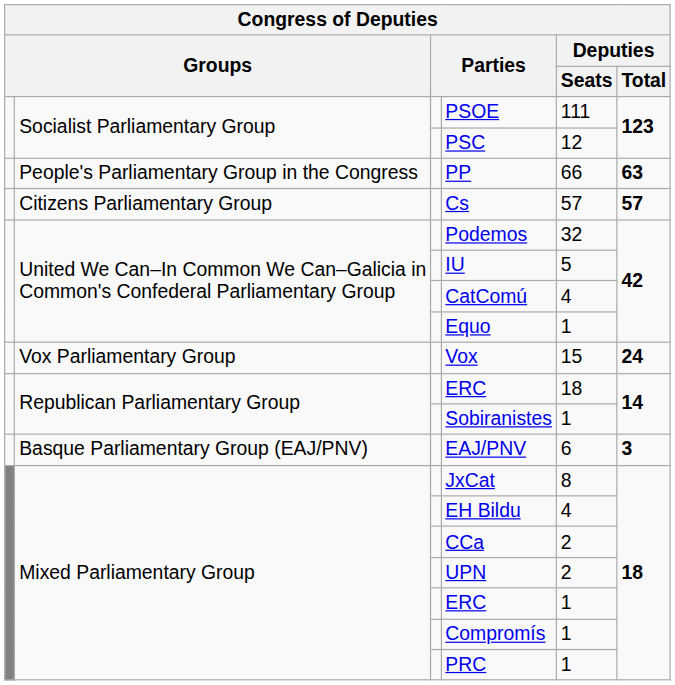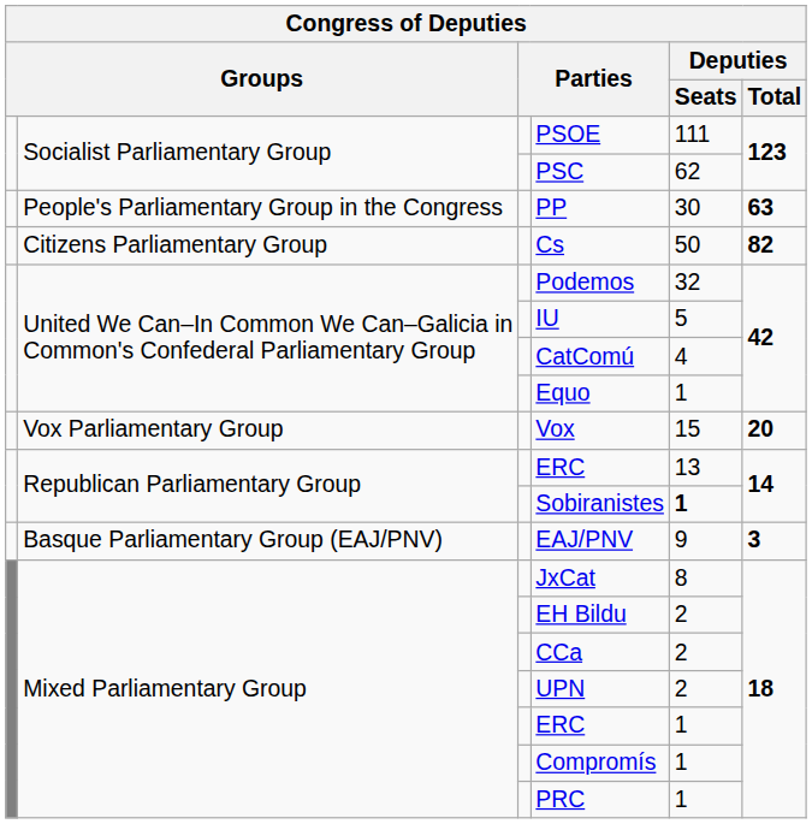 <table class="wikitable" style="text-align:left;">
 <tr>
 <th colspan="6">Congress of Deputies</th>
 </tr>
 <tr>
 <th rowspan="2" colspan="2">Groups</th>
 <th rowspan="2" colspan="2">Parties</th>
 <th colspan="2">Deputies</th>
 </tr>
 <tr>
 <th>Seats</th>
 <th>Total</th>
 </tr>
 <tr>
 <td width="1" rowspan="2"></td>
 <td rowspan="2">Socialist Parliamentary Group</td>
 <td width="1" style="color:inherit;background:"></td>
 <td><a href='#'>PSOE</a></td>
 <td>111</td>
 <td rowspan="2"><strong>123</strong></td>
 </tr>
 <tr>
 <td style="color:inherit;background:"></td>
 <td><a href='#'>PSC</a></td>
-<td>12</td>
+<td>62</td>
 </tr>
 <tr>
 <td style="color:inherit;background:"></td>
 <td>People's Parliamentary Group in the Congress</td>
 <td style="color:inherit;background:"></td>
 <td><a href='#'>PP</a></td>
-<td>66</td>
+<td>30</td>
 <td><strong>63</strong></td>
 </tr>
 <tr>
 <td style="color:inherit;background:"></td>
 <td>Citizens Parliamentary Group</td>
 <td style="color:inherit;background:"></td>
 <td><a href='#'>Cs</a></td>
-<td>57</td>
-<td><strong>57</strong></td>
+<td>50</td>
+<td><strong>82</strong></td>
 </tr>
 <tr>
 <td rowspan="4" style="color:inherit;background:"></td>
 <td rowspan="4">United We Can–In Common We Can–Galicia in<br>Common's Confederal Parliamentary Group</td>
 <td style="color:inherit;background:"></td>
 <td><a href='#'>Podemos</a></td>
 <td>32</td>
 <td rowspan="4"><strong>42</strong></td>
 </tr>
 <tr>
 <td style="color:inherit;background:"></td>
 <td><a href='#'>IU</a></td>
 <td>5</td>
 </tr>
 <tr>
 <td style="color:inherit;background:"></td>
 <td><a href='#'>CatComú</a></td>
 <td>4</td>
 </tr>
 <tr>
 <td style="color:inherit;background:"></td>
 <td><a href='#'>Equo</a></td>
 <td>1</td>
 </tr>
 <tr>
 <td style="color:inherit;background:"></td>
 <td>Vox Parliamentary Group</td>
 <td style="color:inherit;background:"></td>
 <td><a href='#'>Vox</a></td>
 <td>15</td>
-<td><strong>24</strong></td>
+<td><strong>20</strong></td>
 </tr>
 <tr>
 <td rowspan="2" style="color:inherit;background:"></td>
 <td rowspan="2">Republican Parliamentary Group</td>
 <td style="color:inherit;background:"></td>
 <td><a href='#'>ERC</a></td>
-<td>18</td>
+<td>13</td>
 <td rowspan="2"><strong>14</strong></td>
 </tr>
 <tr>
 <td style="color:inherit;background:"></td>
 <td><a href='#'>Sobiranistes</a></td>
-<td>1</td>
+<td><strong>1</strong></td>
 </tr>
 <tr>
 <td style="color:inherit;background:"></td>
 <td>Basque Parliamentary Group (EAJ/PNV)</td>
 <td style="color:inherit;background:"></td>
 <td><a href='#'>EAJ/PNV</a></td>
-<td>6</td>
+<td>9</td>
 <td><strong>3</strong></td>
 </tr>
 <tr>
 <td rowspan="7" bgcolor="gray"></td>
 <td rowspan="7">Mixed Parliamentary Group</td>
 <td style="color:inherit;background:"></td>
 <td><a href='#'>JxCat</a></td>
 <td>8</td>
 <td rowspan="7"><strong>18</strong></td>
 </tr>
 <tr>
 <td style="color:inherit;background:"></td>
 <td><a href='#'>EH Bildu</a></td>
-<td>4</td>
+<td>2</td>
 </tr>
 <tr>
 <td style="color:inherit;background:"></td>
 <td><a href='#'>CCa</a></td>
 <td>2</td>
 </tr>
 <tr>
 <td style="color:inherit;background:"></td>
 <td><a href='#'>UPN</a></td>
 <td>2</td>
 </tr>
 <tr>
 <td style="color:inherit;background:"></td>
 <td><a href='#'>ERC</a></td>
 <td>1</td>
 </tr>
 <tr>
 <td style="color:inherit;background:"></td>
 <td><a href='#'>Compromís</a></td>
 <td>1</td>
 </tr>
 <tr>
 <td style="color:inherit;background:"></td>
 <td><a href='#'>PRC</a></td>
 <td>1</td>
 </tr>
 </table>
